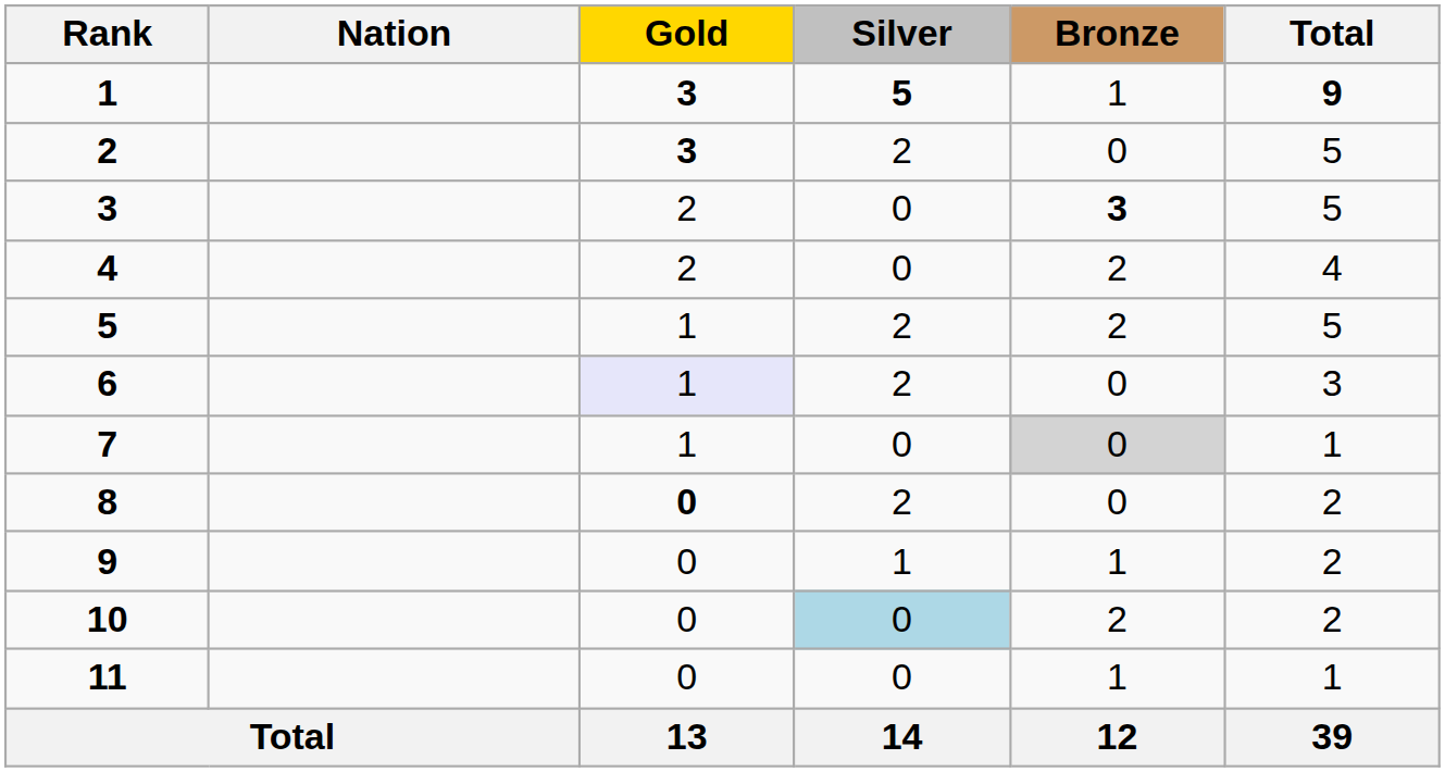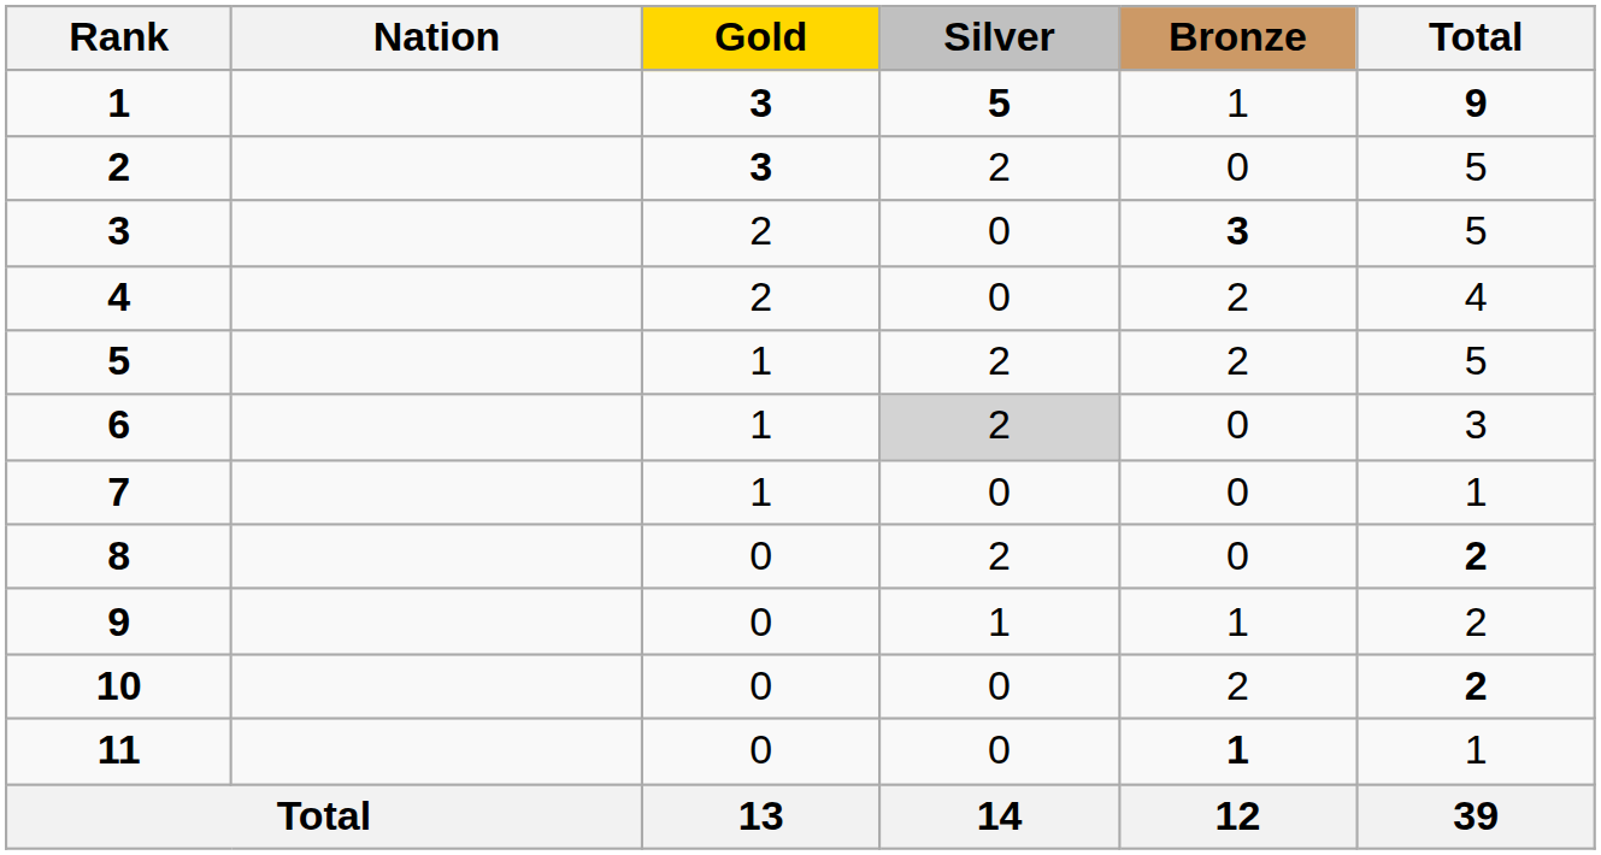 <table class="wikitable collapsible autocollapse plainrowheaders" width=70.5% style="text-align:center;">
 <tr style="background-color:#EDEDED;">
 <th width=100px class="hintergrundfarbe5">Rank</th>
 <th width=200px class="hintergrundfarbe6">Nation</th>
 <th style="background:    gold; width:15%">Gold</th>
 <th style="background:  silver; width:15%">Silver</th>
 <th style="background: #CC9966; width:15%">Bronze</th>
 <th class="hintergrundfarbe6" style="width:15%">Total</th>
 </tr>
 <tr>
 <td><strong>1</strong></td>
 <td align=left></td>
 <td><strong>3</strong></td>
 <td><strong>5</strong></td>
 <td>1</td>
 <td><strong>9</strong></td>
 </tr>
 <tr>
 <td><strong>2</strong></td>
 <td align=left></td>
 <td><strong>3</strong></td>
 <td>2</td>
 <td>0</td>
 <td>5</td>
 </tr>
 <tr>
 <td><strong>3</strong></td>
 <td align=left></td>
 <td>2</td>
 <td>0</td>
 <td><strong>3</strong></td>
 <td>5</td>
 </tr>
 <tr>
 <td><strong>4</strong></td>
 <td align=left></td>
 <td>2</td>
 <td>0</td>
 <td>2</td>
 <td>4</td>
 </tr>
 <tr>
 <td><strong>5</strong></td>
 <td align=left></td>
 <td>1</td>
 <td>2</td>
 <td>2</td>
 <td>5</td>
 </tr>
 <tr>
 <td><strong>6</strong></td>
 <td align=left></td>
-<td style="background: lavender;">1</td>
-<td>2</td>
+<td>1</td>
+<td style="background: lightgrey;">2</td>
 <td>0</td>
 <td>3</td>
 </tr>
 <tr>
 <td><strong>7</strong></td>
 <td align=left></td>
 <td>1</td>
 <td>0</td>
-<td style="background: lightgrey;">0</td>
+<td>0</td>
 <td>1</td>
 </tr>
 <tr>
 <td><strong>8</strong></td>
 <td align=left></td>
-<td><strong>0</strong></td>
+<td>0</td>
 <td>2</td>
 <td>0</td>
-<td>2</td>
+<td><strong>2</strong></td>
 </tr>
 <tr>
 <td><strong>9</strong></td>
 <td align=left></td>
 <td>0</td>
 <td>1</td>
 <td>1</td>
 <td>2</td>
 </tr>
 <tr>
 <td><strong>10</strong></td>
 <td align=left></td>
 <td>0</td>
-<td style="background: lightblue;">0</td>
+<td>0</td>
 <td>2</td>
-<td>2</td>
+<td><strong>2</strong></td>
 </tr>
 <tr>
 <td><strong>11</strong></td>
 <td align=left></td>
 <td>0</td>
 <td>0</td>
-<td>1</td>
+<td><strong>1</strong></td>
 <td>1</td>
 </tr>
 <tr>
 <th colspan=2>Total</th>
 <th>13</th>
 <th>14</th>
 <th>12</th>
 <th>39</th>
 </tr>
 </table>
